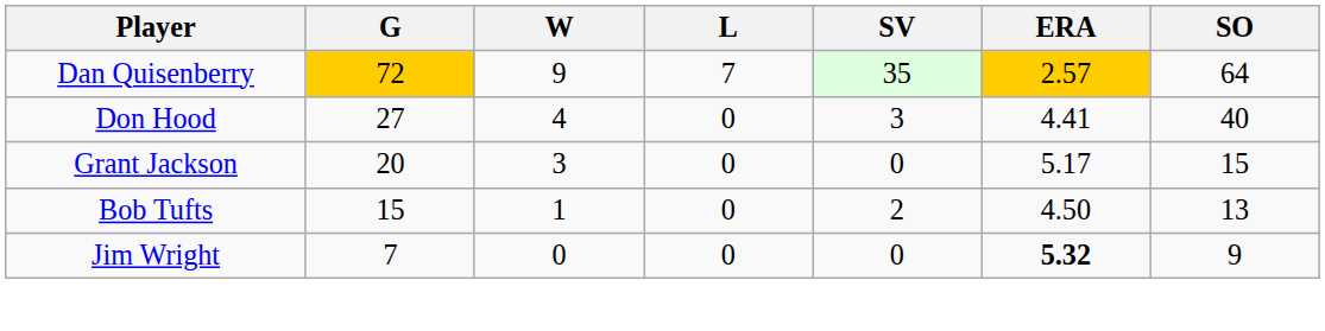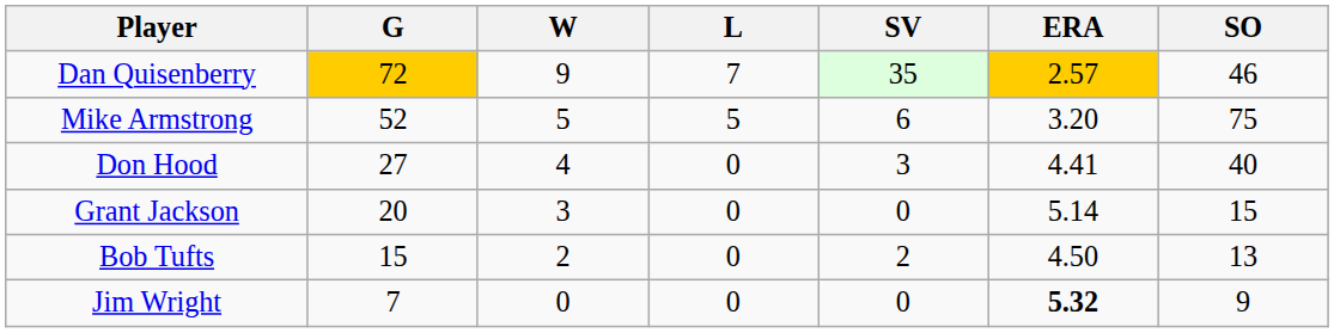 <table class="wikitable sortable">
 <tr>
 <th bgcolor="#DDDDFF" width="16%">Player</th>
 <th bgcolor="#DDDDFF" width="9%">G</th>
 <th bgcolor="#DDDDFF" width="9%">W</th>
 <th bgcolor="#DDDDFF" width="9%">L</th>
 <th bgcolor="#DDDDFF" width="9%">SV</th>
 <th bgcolor="#DDDDFF" width="9%">ERA</th>
 <th bgcolor="#DDDDFF" width="9%">SO</th>
 </tr>
 <tr align="center">
 <td><a href='#'>Dan Quisenberry</a></td>
 <td style="background:#fc0;">72</td>
 <td>9</td>
 <td>7</td>
 <td style="background:#DDFFDD;">35</td>
 <td style="background:#fc0;">2.57</td>
-<td>64</td>
+<td>46</td>
+</tr>
+<tr align="center">
+<td><a href='#'>Mike Armstrong</a></td>
+<td>52</td>
+<td>5</td>
+<td>5</td>
+<td>6</td>
+<td>3.20</td>
+<td>75</td>
 </tr>
 <tr align="center">
 <td><a href='#'>Don Hood</a></td>
 <td>27</td>
 <td>4</td>
 <td>0</td>
 <td>3</td>
 <td>4.41</td>
 <td>40</td>
 </tr>
 <tr align="center">
 <td><a href='#'>Grant Jackson</a></td>
 <td>20</td>
 <td>3</td>
 <td>0</td>
 <td>0</td>
-<td>5.17</td>
+<td>5.14</td>
 <td>15</td>
 </tr>
 <tr align="center">
 <td><a href='#'>Bob Tufts</a></td>
 <td>15</td>
-<td>1</td>
+<td>2</td>
 <td>0</td>
 <td>2</td>
 <td>4.50</td>
 <td>13</td>
 </tr>
 <tr align="center">
 <td><a href='#'>Jim Wright</a></td>
 <td>7</td>
 <td>0</td>
 <td>0</td>
 <td>0</td>
 <td><strong>5.32</strong></td>
 <td>9</td>
 </tr>
 </table>
